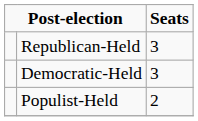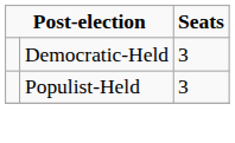 <table class= "wikitable">
 <tr>
 <td colspan= "2" rowspan= "1" align= "center" valign= "top"><strong>Post-election</strong></td>
 <td valign= "top"><strong>Seats</strong><br></td>
-</tr>
-<tr>
-<td style="background-color:"> </td>
-<td>Republican-Held</td>
-<td>3</td>
 </tr>
 <tr>
 <td style="background-color:"> </td>
 <td>Democratic-Held</td>
 <td>3</td>
 </tr>
 <tr>
 <td style="background-color:"> </td>
 <td>Populist-Held</td>
-<td>2</td>
+<td>3</td>
 </tr>
 <tr>
 </tr>
 </table>
